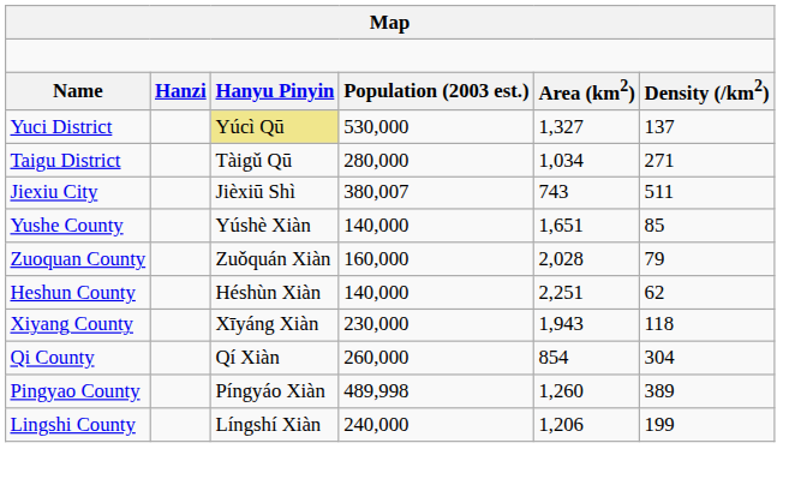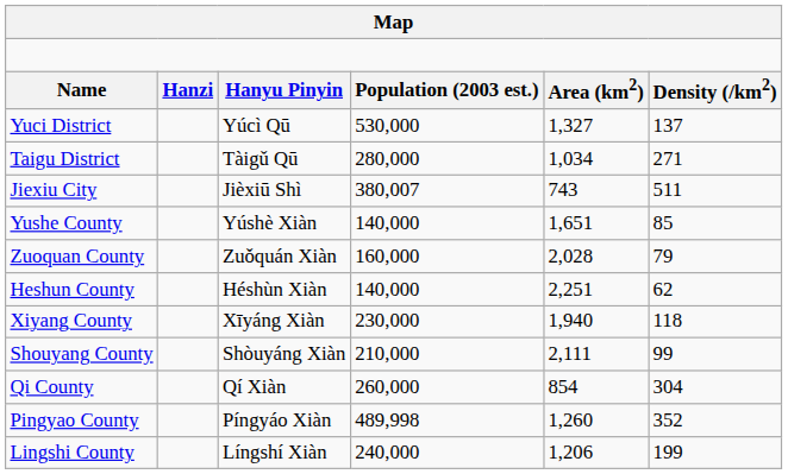 <table class="wikitable"  style="font-size:90%;" align=center>
 <tr>
 <th colspan="6" align="center">Map</th>
 </tr>
 <tr>
 <td colspan="6" align="center"><div><br>              </div></td>
 </tr>
 <tr>
 <th>Name</th>
 <th><a href='#'>Hanzi</a></th>
 <th><a href='#'>Hanyu Pinyin</a></th>
 <th>Population (2003 est.)</th>
 <th>Area (km<sup>2</sup>)</th>
 <th>Density (/km<sup>2</sup>)</th>
 </tr>
 <tr>
 <td><a href='#'>Yuci District</a></td>
 <td></td>
-<td style="background: khaki;">Yúcì Qū</td>
+<td>Yúcì Qū</td>
 <td>530,000</td>
 <td>1,327</td>
 <td>137</td>
 </tr>
 <tr>
 <td><a href='#'>Taigu District</a></td>
 <td></td>
 <td>Tàigǔ Qū</td>
 <td>280,000</td>
 <td>1,034</td>
 <td>271</td>
 </tr>
 <tr>
 <td><a href='#'>Jiexiu City</a></td>
 <td></td>
 <td>Jièxiū Shì</td>
 <td>380,007</td>
 <td>743</td>
 <td>511</td>
 </tr>
 <tr>
 <td><a href='#'>Yushe County</a></td>
 <td></td>
 <td>Yúshè Xiàn</td>
 <td>140,000</td>
 <td>1,651</td>
 <td>85</td>
 </tr>
 <tr>
 <td><a href='#'>Zuoquan County</a></td>
 <td></td>
 <td>Zuǒquán Xiàn</td>
 <td>160,000</td>
 <td>2,028</td>
 <td>79</td>
 </tr>
 <tr>
 <td><a href='#'>Heshun County</a></td>
 <td></td>
 <td>Héshùn Xiàn</td>
 <td>140,000</td>
 <td>2,251</td>
 <td>62</td>
 </tr>
 <tr>
 <td><a href='#'>Xiyang County</a></td>
 <td></td>
 <td>Xīyáng Xiàn</td>
 <td>230,000</td>
-<td>1,943</td>
+<td>1,940</td>
 <td>118</td>
+</tr>
+<tr>
+<td><a href='#'>Shouyang County</a></td>
+<td></td>
+<td>Shòuyáng Xiàn</td>
+<td>210,000</td>
+<td>2,111</td>
+<td>99</td>
 </tr>
 <tr>
 <td><a href='#'>Qi County</a></td>
 <td></td>
 <td>Qí Xiàn</td>
 <td>260,000</td>
 <td>854</td>
 <td>304</td>
 </tr>
 <tr>
 <td><a href='#'>Pingyao County</a></td>
 <td></td>
 <td>Píngyáo Xiàn</td>
 <td>489,998</td>
 <td>1,260</td>
-<td>389</td>
+<td>352</td>
 </tr>
 <tr>
 <td><a href='#'>Lingshi County</a></td>
 <td></td>
 <td>Língshí Xiàn</td>
 <td>240,000</td>
 <td>1,206</td>
 <td>199</td>
 </tr>
 </table>
